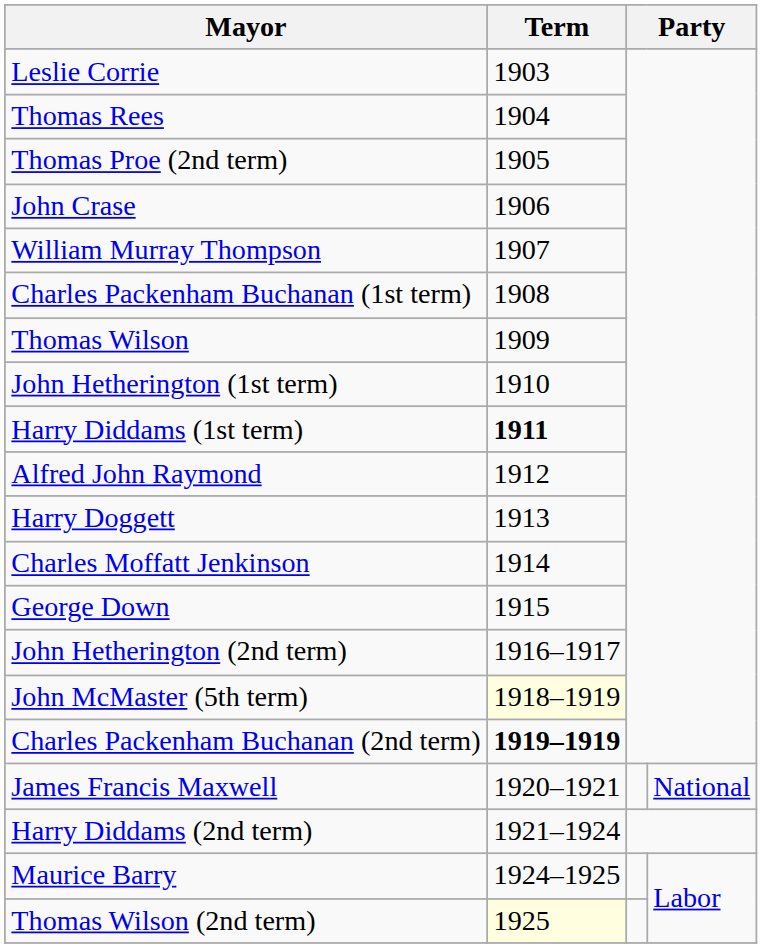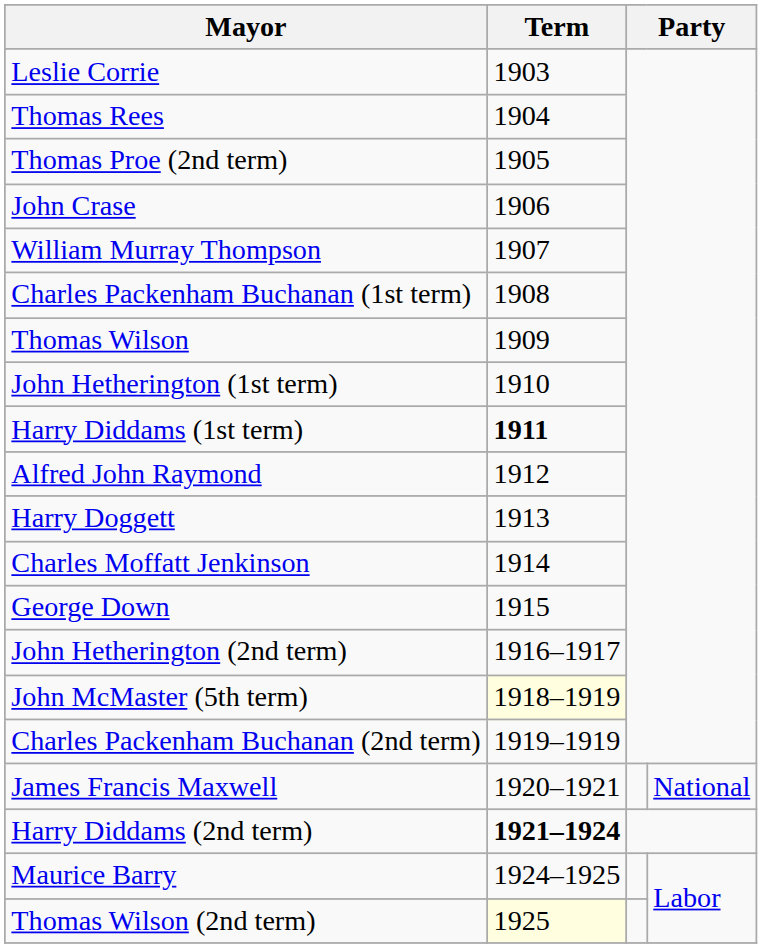 <table class="wikitable">
 <tr>
 <th>Mayor</th>
 <th>Term</th>
 <th colspan="2">Party</th>
 </tr>
 <tr>
 <td><a href='#'>Leslie Corrie</a></td>
 <td>1903</td>
 <td colspan="2" rowspan="16"></td>
 </tr>
 <tr>
 <td><a href='#'>Thomas Rees</a></td>
 <td>1904</td>
 </tr>
 <tr>
 <td><a href='#'>Thomas Proe</a> (2nd term)</td>
 <td>1905</td>
 </tr>
 <tr>
 <td><a href='#'>John Crase</a></td>
 <td>1906</td>
 </tr>
 <tr>
 <td><a href='#'>William Murray Thompson</a></td>
 <td>1907</td>
 </tr>
 <tr>
 <td><a href='#'>Charles Packenham Buchanan</a> (1st term)</td>
 <td>1908</td>
 </tr>
 <tr>
 <td><a href='#'>Thomas Wilson</a></td>
 <td>1909</td>
 </tr>
 <tr>
 <td><a href='#'>John Hetherington</a> (1st term)</td>
 <td>1910</td>
 </tr>
 <tr>
 <td><a href='#'>Harry Diddams</a> (1st term)</td>
 <td><strong>1911</strong></td>
 </tr>
 <tr>
 <td><a href='#'>Alfred John Raymond</a></td>
 <td>1912</td>
 </tr>
 <tr>
 <td><a href='#'>Harry Doggett</a></td>
 <td>1913</td>
 </tr>
 <tr>
 <td><a href='#'>Charles Moffatt Jenkinson</a></td>
 <td>1914</td>
 </tr>
 <tr>
 <td><a href='#'>George Down</a></td>
 <td>1915</td>
 </tr>
 <tr>
 <td><a href='#'>John Hetherington</a> (2nd term)</td>
 <td>1916–1917</td>
 </tr>
 <tr>
 <td><a href='#'>John McMaster</a> (5th term)</td>
 <td style="background: lightyellow;">1918–1919</td>
 </tr>
 <tr>
 <td><a href='#'>Charles Packenham Buchanan</a> (2nd term)</td>
-<td><strong>1919–1919</strong></td>
+<td>1919–1919</td>
 </tr>
 <tr>
 <td><a href='#'>James Francis Maxwell</a></td>
 <td>1920–1921</td>
 <td> </td>
 <td><a href='#'>National</a></td>
 </tr>
 <tr>
 <td><a href='#'>Harry Diddams</a> (2nd term)</td>
-<td>1921–1924</td>
+<td><strong>1921–1924</strong></td>
 <td colspan="2"></td>
 </tr>
 <tr>
 <td><a href='#'>Maurice Barry</a></td>
 <td>1924–1925</td>
 <td></td>
 <td rowspan="2"><a href='#'>Labor</a></td>
 </tr>
 <tr>
 <td><a href='#'>Thomas Wilson</a> (2nd term)</td>
 <td style="background: lightyellow;">1925</td>
 <td></td>
 </tr>
 </table>
